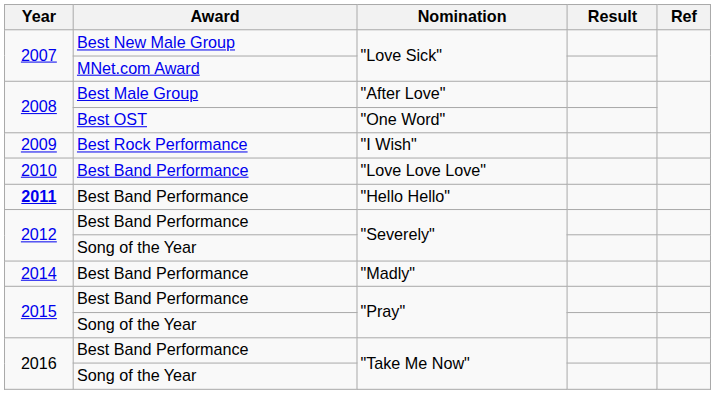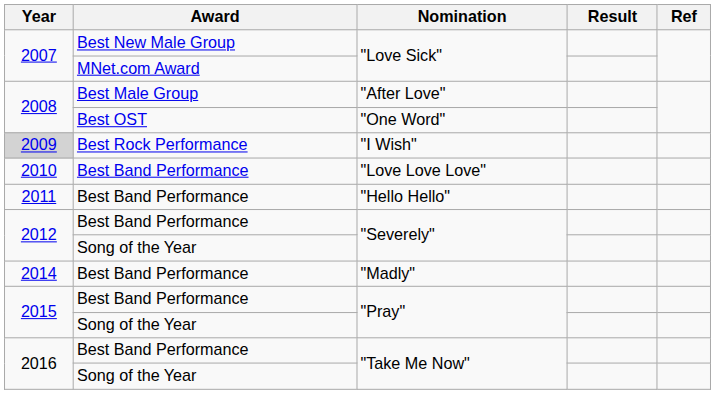 <table class="wikitable" style="width:700px">
 <tr>
 <th>Year</th>
 <th>Award</th>
 <th>Nomination</th>
 <th>Result</th>
 <th>Ref</th>
 </tr>
 <tr>
 <td align=center rowspan=2><a href='#'>2007</a></td>
 <td><a href='#'>Best New Male Group</a></td>
 <td rowspan=2>"Love Sick"</td>
 <td></td>
 <td align=center rowspan=2></td>
 </tr>
 <tr>
 <td><a href='#'>MNet.com Award</a></td>
 <td></td>
 </tr>
 <tr>
 <td align=center rowspan=2><a href='#'>2008</a></td>
 <td><a href='#'>Best Male Group</a></td>
 <td>"After Love"</td>
 <td></td>
 <td align=center rowspan=2></td>
 </tr>
 <tr>
 <td><a href='#'>Best OST</a></td>
 <td>"One Word"</td>
 <td></td>
 </tr>
 <tr>
-<td align=center><a href='#'>2009</a></td>
+<td align=center style="background: lightgrey;"><a href='#'>2009</a></td>
 <td><a href='#'>Best Rock Performance</a></td>
 <td>"I Wish"</td>
 <td></td>
 <td align=center></td>
 </tr>
 <tr>
 <td align=center><a href='#'>2010</a></td>
 <td><a href='#'>Best Band Performance</a></td>
 <td>"Love Love Love"</td>
 <td></td>
 <td align=center></td>
 </tr>
 <tr>
-<td align=center><strong><a href='#'>2011</a></strong></td>
+<td align=center><a href='#'>2011</a></td>
 <td>Best Band Performance</td>
 <td>"Hello Hello"</td>
 <td></td>
 <td align=center></td>
 </tr>
 <tr>
 <td align=center rowspan=2><a href='#'>2012</a></td>
 <td>Best Band Performance</td>
 <td rowspan=2>"Severely"</td>
 <td></td>
 <td align=center></td>
 </tr>
 <tr>
 <td>Song of the Year</td>
 <td></td>
 <td align=center></td>
 </tr>
 <tr>
 <td align=center><a href='#'>2014</a></td>
 <td>Best Band Performance</td>
 <td>"Madly"</td>
 <td></td>
 <td align=center></td>
 </tr>
 <tr>
 <td align=center rowspan=2><a href='#'>2015</a></td>
 <td>Best Band Performance</td>
 <td rowspan=2>"Pray"</td>
 <td></td>
 <td align=center></td>
 </tr>
 <tr>
 <td>Song of the Year</td>
 <td></td>
 <td align=center></td>
 </tr>
 <tr>
 <td align=center rowspan=2>2016</td>
 <td>Best Band Performance</td>
 <td rowspan=2>"Take Me Now"</td>
 <td></td>
 <td align=center></td>
 </tr>
 <tr>
 <td>Song of the Year</td>
 <td></td>
 <td align=center></td>
 </tr>
 </table>
